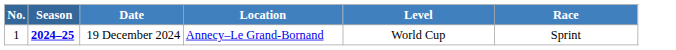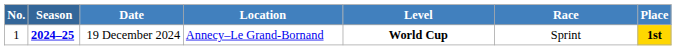 <table class="wikitable sortable" style="font-size:95%; text-align:center; border:grey solid 1px; border-collapse:collapse; background:#ffffff;">
 <tr style="background:#efefef;">
 <th style="background-color:#369; color:white;">No.</th>
 <th style="background-color:#369; color:white;">Season</th>
 <th style="background-color:#4180be; color:white; width:120px;">Date</th>
 <th style="background-color:#4180be; color:white; width:190px;">Location</th>
 <th style="background-color:#4180be; color:white; width:180px;">Level</th>
 <th style="background-color:#4180be; color:white; width:170px;">Race</th>
+<th style="background-color:#4180be; color:white;">Place</th>
 </tr>
 <tr>
 <td align=center>1</td>
 <td rowspan="1" align="center"><strong><a href='#'>2024–25</a> </strong></td>
 <td align=right>19 December 2024</td>
 <td align=left> <a href='#'>Annecy–Le Grand-Bornand</a></td>
-<td>World Cup</td>
+<td><strong>World Cup</strong></td>
 <td>Sprint</td>
+<td align=center bgcolor="gold"><strong>1st</strong></td>
 </tr>
 </table>
